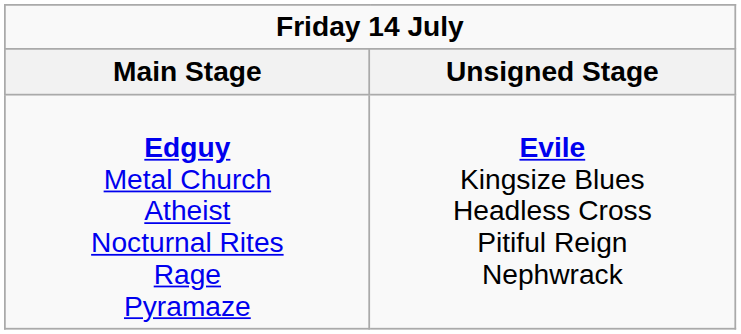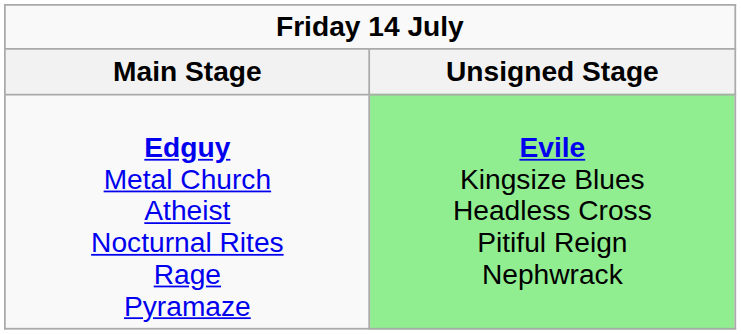 <table class="wikitable">
 <tr>
 <td colspan="2" align="center"><strong>Friday 14 July</strong></td>
 </tr>
 <tr>
 <th>Main Stage</th>
 <th>Unsigned Stage</th>
 </tr>
 <tr>
 <td valign="top" align="center" width=200><br><strong><a href='#'>Edguy</a></strong><br> <a href='#'>Metal Church</a><br> <a href='#'>Atheist</a><br> <a href='#'>Nocturnal Rites</a><br> <a href='#'>Rage</a><br> <a href='#'>Pyramaze</a><br></td>
-<td valign="top" align="center" width=200><br><strong><a href='#'>Evile</a></strong><br> Kingsize Blues<br> Headless Cross<br> Pitiful Reign<br> Nephwrack<br></td>
+<td valign="top" align="center" width=200 style="background: lightgreen;"><br><strong><a href='#'>Evile</a></strong><br> Kingsize Blues<br> Headless Cross<br> Pitiful Reign<br> Nephwrack<br></td>
 </tr>
 </table>
